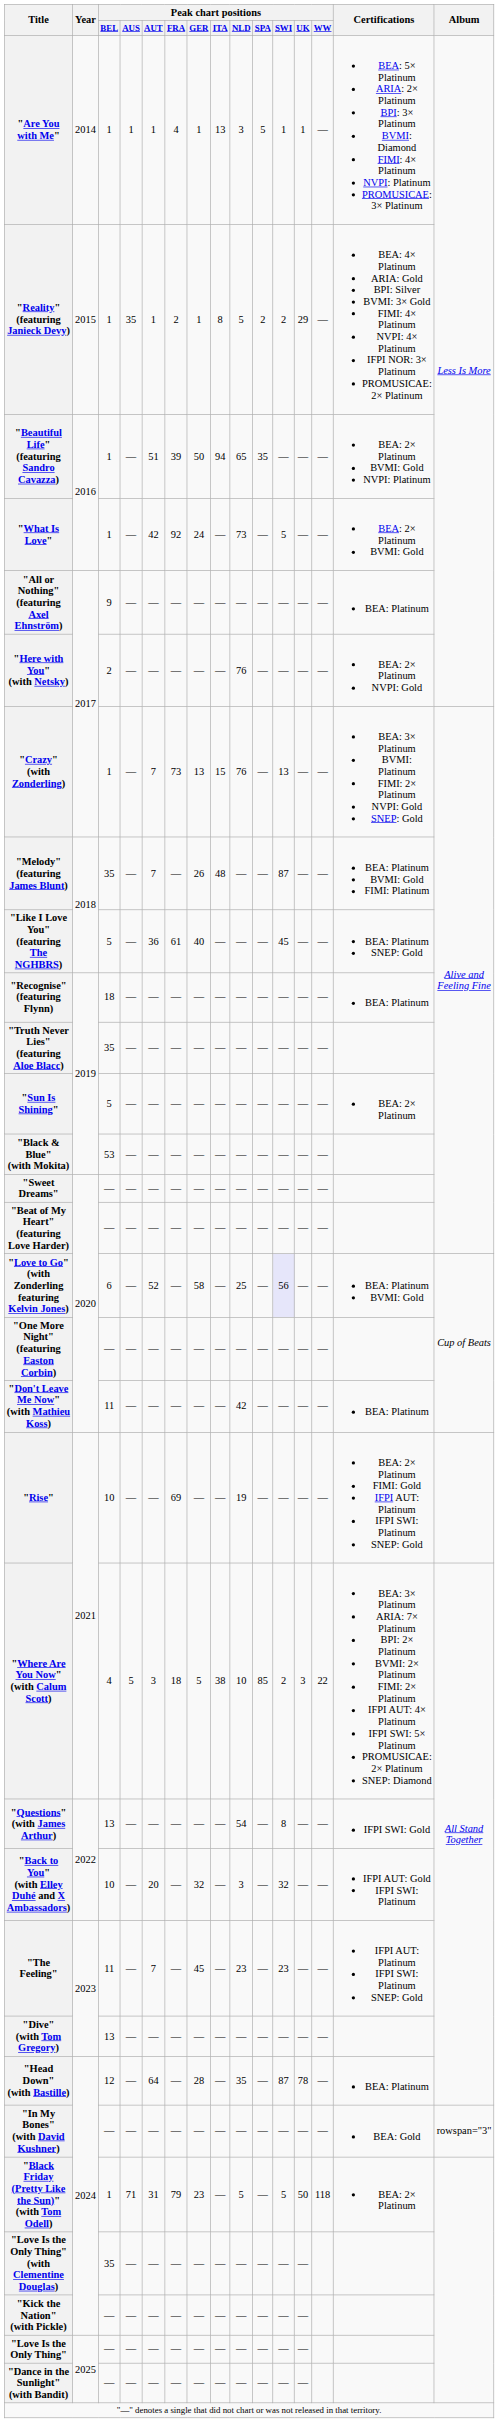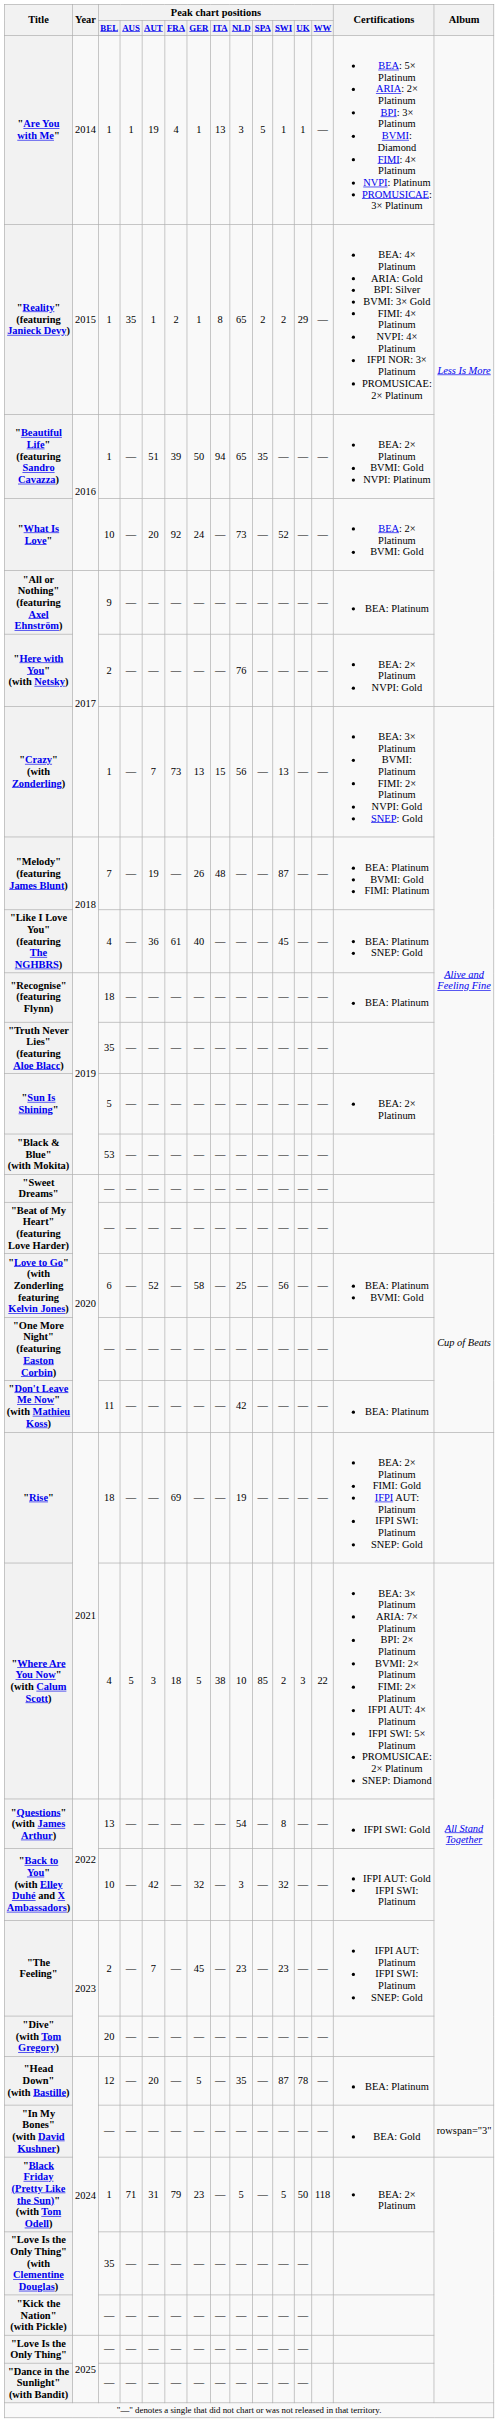 <table class="wikitable plainrowheaders" style="text-align:center;">
 <tr>
 <th scope="col" rowspan="2" style="width:22em;">Title</th>
 <th scope="col" rowspan="2" style="width:2em;">Year</th>
 <th colspan="11" scope="col">Peak chart positions</th>
 <th scope="col" rowspan="2">Certifications</th>
 <th scope="col" rowspan="2">Album</th>
 </tr>
 <tr>
 <th scope="col" style="width:3em;font-size:85%;"><a href='#'>BEL</a><br></th>
 <th scope="col" style="width:3em;font-size:85%;"><a href='#'>AUS</a><br></th>
 <th scope="col" style="width:3em;font-size:85%;"><a href='#'>AUT</a><br></th>
 <th scope="col" style="width:3em;font-size:85%;"><a href='#'>FRA</a><br></th>
 <th scope="col" style="width:3em;font-size:85%;"><a href='#'>GER</a><br></th>
 <th scope="col" style="width:3em;font-size:85%;"><a href='#'>ITA</a><br></th>
 <th scope="col" style="width:3em;font-size:85%;"><a href='#'>NLD</a><br></th>
 <th scope="col" style="width:3em;font-size:85%;"><a href='#'>SPA</a><br></th>
 <th scope="col" style="width:3em;font-size:85%;"><a href='#'>SWI</a><br></th>
 <th scope="col" style="width:3em;font-size:85%;"><a href='#'>UK</a><br></th>
 <th scope="col" style="width:3em;font-size:85%;"><a href='#'>WW</a><br></th>
 </tr>
 <tr>
 <th scope="row">"<a href='#'>Are You with Me</a>"</th>
 <td>2014</td>
 <td>1</td>
 <td>1</td>
-<td>1</td>
+<td>19</td>
 <td>4</td>
 <td>1</td>
 <td>13</td>
 <td>3</td>
 <td>5</td>
 <td>1</td>
 <td>1</td>
 <td>—</td>
 <td><br><ul><li><a href='#'>BEA</a>: 5× Platinum</li><li><a href='#'>ARIA</a>: 2× Platinum</li><li><a href='#'>BPI</a>: 3× Platinum</li><li><a href='#'>BVMI</a>: Diamond</li><li><a href='#'>FIMI</a>: 4× Platinum</li><li><a href='#'>NVPI</a>: Platinum</li><li><a href='#'>PROMUSICAE</a>: 3× Platinum</li></ul></td>
 <td rowspan="6"><em><a href='#'>Less Is More</a></em></td>
 </tr>
 <tr>
 <th scope="row">"<a href='#'>Reality</a>"<br><span>(featuring <a href='#'>Janieck Devy</a>)</span></th>
 <td>2015</td>
 <td>1</td>
 <td>35</td>
 <td>1</td>
 <td>2</td>
 <td>1</td>
 <td>8</td>
-<td>5</td>
+<td>65</td>
 <td>2</td>
 <td>2</td>
 <td>29</td>
 <td>—</td>
 <td><br><ul><li>BEA: 4× Platinum</li><li>ARIA: Gold</li><li>BPI: Silver</li><li>BVMI: 3× Gold</li><li>FIMI: 4× Platinum</li><li>NVPI: 4× Platinum</li><li>IFPI NOR: 3× Platinum</li><li>PROMUSICAE: 2× Platinum</li></ul></td>
 </tr>
 <tr>
 <th scope="row">"<a href='#'>Beautiful Life</a>"<br><span>(featuring <a href='#'>Sandro Cavazza</a>)</span></th>
 <td rowspan="2">2016</td>
 <td>1</td>
 <td>—</td>
 <td>51</td>
 <td>39</td>
 <td>50</td>
 <td>94</td>
 <td>65</td>
 <td>35</td>
 <td>—</td>
 <td>—</td>
 <td>—</td>
 <td><br><ul><li>BEA: 2× Platinum</li><li>BVMI: Gold</li><li>NVPI: Platinum</li></ul></td>
 </tr>
 <tr>
 <th scope="row">"<a href='#'>What Is Love</a>"</th>
-<td>1</td>
+<td>10</td>
 <td>—</td>
-<td>42</td>
+<td>20</td>
 <td>92</td>
 <td>24</td>
 <td>—</td>
 <td>73</td>
 <td>—</td>
-<td>5</td>
+<td>52</td>
 <td>—</td>
 <td>—</td>
 <td><br><ul><li><a href='#'>BEA</a>: 2× Platinum</li><li>BVMI: Gold</li></ul></td>
 </tr>
 <tr>
 <th scope="row">"All or Nothing"<br><span>(featuring <a href='#'>Axel Ehnström</a>)</span></th>
 <td rowspan="3">2017</td>
 <td>9</td>
 <td>—</td>
 <td>—</td>
 <td>—</td>
 <td>—</td>
 <td>—</td>
 <td>—</td>
 <td>—</td>
 <td>—</td>
 <td>—</td>
 <td>—</td>
 <td><br><ul><li>BEA: Platinum</li></ul></td>
 </tr>
 <tr>
 <th scope="row">"<a href='#'>Here with You</a>" <br><span>(with <a href='#'>Netsky</a>)</span></th>
 <td>2</td>
 <td>—</td>
 <td>—</td>
 <td>—</td>
 <td>—</td>
 <td>—</td>
 <td>76</td>
 <td>—</td>
 <td>—</td>
 <td>—</td>
 <td>—</td>
 <td><br><ul><li>BEA: 2× Platinum</li><li>NVPI: Gold</li></ul></td>
 </tr>
 <tr>
 <th scope="row">"<a href='#'>Crazy</a>" <br><span>(with <a href='#'>Zonderling</a>)</span></th>
 <td>1</td>
 <td>—</td>
 <td>7</td>
 <td>73</td>
 <td>13</td>
 <td>15</td>
-<td>76</td>
+<td>56</td>
 <td>—</td>
 <td>13</td>
 <td>—</td>
 <td>—</td>
 <td><br><ul><li>BEA: 3× Platinum</li><li>BVMI: Platinum</li><li>FIMI: 2× Platinum</li><li>NVPI: Gold</li><li><a href='#'>SNEP</a>: Gold</li></ul></td>
 <td rowspan="9"><em><a href='#'>Alive and Feeling Fine</a></em></td>
 </tr>
 <tr>
 <th scope="row">"Melody"<br><span>(featuring <a href='#'>James Blunt</a>)</span></th>
 <td rowspan="2">2018</td>
-<td>35</td>
+<td>7</td>
 <td>—</td>
-<td>7</td>
+<td>19</td>
 <td>—</td>
 <td>26</td>
 <td>48</td>
 <td>—</td>
 <td>—</td>
 <td>87</td>
 <td>—</td>
 <td>—</td>
 <td><br><ul><li>BEA: Platinum</li><li>BVMI: Gold</li><li>FIMI: Platinum</li></ul></td>
 </tr>
 <tr>
 <th scope="row">"Like I Love You"<br><span>(featuring <a href='#'>The NGHBRS</a>)</span></th>
-<td>5</td>
+<td>4</td>
 <td>—</td>
 <td>36</td>
 <td>61</td>
 <td>40</td>
 <td>—</td>
 <td>—</td>
 <td>—</td>
 <td>45</td>
 <td>—</td>
 <td>—</td>
 <td><br><ul><li>BEA: Platinum</li><li>SNEP: Gold</li></ul></td>
 </tr>
 <tr>
 <th scope="row">"Recognise"<br><span>(featuring Flynn)</span></th>
 <td rowspan="4">2019</td>
 <td>18</td>
 <td>—</td>
 <td>—</td>
 <td>—</td>
 <td>—</td>
 <td>—</td>
 <td>—</td>
 <td>—</td>
 <td>—</td>
 <td>—</td>
 <td>—</td>
 <td><br><ul><li>BEA: Platinum</li></ul></td>
 </tr>
 <tr>
 <th scope="row">"Truth Never Lies"<br><span>(featuring <a href='#'>Aloe Blacc</a>)</span></th>
 <td>35</td>
 <td>—</td>
 <td>—</td>
 <td>—</td>
 <td>—</td>
 <td>—</td>
 <td>—</td>
 <td>—</td>
 <td>—</td>
 <td>—</td>
 <td>—</td>
 <td></td>
 </tr>
 <tr>
 <th scope="row">"<a href='#'>Sun Is Shining</a>"</th>
 <td>5</td>
 <td>—</td>
 <td>—</td>
 <td>—</td>
 <td>—</td>
 <td>—</td>
 <td>—</td>
 <td>—</td>
 <td>—</td>
 <td>—</td>
 <td>—</td>
 <td><br><ul><li>BEA: 2× Platinum</li></ul></td>
 </tr>
 <tr>
 <th scope="row">"Black & Blue"<br><span>(with Mokita)</span></th>
 <td>53</td>
 <td>—</td>
 <td>—</td>
 <td>—</td>
 <td>—</td>
 <td>—</td>
 <td>—</td>
 <td>—</td>
 <td>—</td>
 <td>—</td>
 <td>—</td>
 <td></td>
 </tr>
 <tr>
 <th scope="row">"Sweet Dreams"</th>
 <td rowspan="5">2020</td>
 <td>—</td>
 <td>—</td>
 <td>—</td>
 <td>—</td>
 <td>—</td>
 <td>—</td>
 <td>—</td>
 <td>—</td>
 <td>—</td>
 <td>—</td>
 <td>—</td>
 <td></td>
 </tr>
 <tr>
 <th scope="row">"Beat of My Heart"<br><span>(featuring Love Harder)</span></th>
 <td>—</td>
 <td>—</td>
 <td>—</td>
 <td>—</td>
 <td>—</td>
 <td>—</td>
 <td>—</td>
 <td>—</td>
 <td>—</td>
 <td>—</td>
 <td>—</td>
 <td></td>
 </tr>
 <tr>
 <th scope="row">"<a href='#'>Love to Go</a>"<br><span>(with Zonderling featuring <a href='#'>Kelvin Jones</a>)</span></th>
 <td>6</td>
 <td>—</td>
 <td>52</td>
 <td>—</td>
 <td>58</td>
 <td>—</td>
 <td>25</td>
 <td>—</td>
-<td style="background: lavender;">56</td>
+<td>56</td>
 <td>—</td>
 <td>—</td>
 <td><br><ul><li>BEA: Platinum</li><li>BVMI: Gold</li></ul></td>
 <td rowspan="3"><em>Cup of Beats</em></td>
 </tr>
 <tr>
 <th scope="row">"One More Night" <br><span>(featuring <a href='#'>Easton Corbin</a>)</span></th>
 <td>—</td>
 <td>—</td>
 <td>—</td>
 <td>—</td>
 <td>—</td>
 <td>—</td>
 <td>—</td>
 <td>—</td>
 <td>—</td>
 <td>—</td>
 <td>—</td>
 <td></td>
 </tr>
 <tr>
 <th scope="row">"<a href='#'>Don't Leave Me Now</a>" <br><span>(with <a href='#'>Mathieu Koss</a>)</span></th>
 <td>11</td>
 <td>—</td>
 <td>—</td>
 <td>—</td>
 <td>—</td>
 <td>—</td>
 <td>42</td>
 <td>—</td>
 <td>—</td>
 <td>—</td>
 <td>—</td>
 <td><br><ul><li>BEA: Platinum</li></ul></td>
 </tr>
 <tr>
 <th scope="row">"<a href='#'>Rise</a>"</th>
 <td rowspan="2">2021</td>
-<td>10</td>
+<td>18</td>
 <td>—</td>
 <td>—</td>
 <td>69</td>
 <td>—</td>
 <td>—</td>
 <td>19</td>
 <td>—</td>
 <td>—</td>
 <td>—</td>
 <td>—</td>
 <td><br><ul><li>BEA: 2× Platinum</li><li>FIMI: Gold</li><li><a href='#'>IFPI</a> AUT: Platinum</li><li>IFPI SWI: Platinum</li><li>SNEP: Gold</li></ul></td>
 <td></td>
 </tr>
 <tr>
 <th scope="row">"<a href='#'>Where Are You Now</a>"<br><span>(with <a href='#'>Calum Scott</a>)</span></th>
 <td>4</td>
 <td>5</td>
 <td>3</td>
 <td>18</td>
 <td>5</td>
 <td>38</td>
 <td>10</td>
 <td>85</td>
 <td>2</td>
 <td>3</td>
 <td>22</td>
 <td><br><ul><li>BEA: 3× Platinum</li><li>ARIA: 7× Platinum</li><li>BPI: 2× Platinum</li><li>BVMI: 2× Platinum</li><li>FIMI: 2× Platinum</li><li>IFPI AUT: 4× Platinum</li><li>IFPI SWI: 5× Platinum</li><li>PROMUSICAE: 2× Platinum</li><li>SNEP: Diamond</li></ul></td>
 <td rowspan="6"><em><a href='#'>All Stand Together</a></em></td>
 </tr>
 <tr>
 <th scope="row">"<a href='#'>Questions</a>"<br><span>(with <a href='#'>James Arthur</a>)</span></th>
 <td rowspan="2">2022</td>
 <td>13</td>
 <td>—</td>
 <td>—</td>
 <td>—</td>
 <td>—</td>
 <td>—</td>
 <td>54</td>
 <td>—</td>
 <td>8</td>
 <td>—</td>
 <td>—</td>
 <td><br><ul><li>IFPI SWI: Gold</li></ul></td>
 </tr>
 <tr>
 <th scope="row">"<a href='#'>Back to You</a>"<br><span>(with <a href='#'>Elley Duhé</a> and <a href='#'>X Ambassadors</a>)</span></th>
 <td>10</td>
 <td>—</td>
-<td>20</td>
+<td>42</td>
 <td>—</td>
 <td>32</td>
 <td>—</td>
 <td>3</td>
 <td>—</td>
 <td>32</td>
 <td>—</td>
 <td>—</td>
 <td><br><ul><li>IFPI AUT: Gold</li><li>IFPI SWI: Platinum</li></ul></td>
 </tr>
 <tr>
 <th scope="row">"The Feeling"</th>
 <td rowspan="2">2023</td>
-<td>11</td>
+<td>2</td>
 <td>—</td>
 <td>7</td>
 <td>—</td>
 <td>45</td>
 <td>—</td>
 <td>23</td>
 <td>—</td>
 <td>23</td>
 <td>—</td>
 <td>—</td>
 <td><br><ul><li>IFPI AUT: Platinum</li><li>IFPI SWI: Platinum</li><li>SNEP: Gold</li></ul></td>
 </tr>
 <tr>
 <th scope="row">"Dive"<br><span>(with <a href='#'>Tom Gregory</a>)</span></th>
-<td>13</td>
+<td>20</td>
 <td>—</td>
 <td>—</td>
 <td>—</td>
 <td>—</td>
 <td>—</td>
 <td>—</td>
 <td>—</td>
 <td>—</td>
 <td>—</td>
 <td>—</td>
 <td></td>
 </tr>
 <tr>
 <th scope="row">"Head Down"<br><span>(with <a href='#'>Bastille</a>)</span></th>
 <td rowspan="5">2024</td>
 <td>12</td>
 <td>—</td>
-<td>64</td>
+<td>20</td>
 <td>—</td>
-<td>28</td>
+<td>5</td>
 <td>—</td>
 <td>35</td>
 <td>—</td>
 <td>87</td>
 <td>78</td>
 <td>—</td>
 <td><br><ul><li>BEA: Platinum</li></ul></td>
 </tr>
 <tr>
 <th scope="row">"In My Bones"<br><span>(with <a href='#'>David Kushner</a>)</span></th>
 <td>—</td>
 <td>—</td>
 <td>—</td>
 <td>—</td>
 <td>—</td>
 <td>—</td>
 <td>—</td>
 <td>—</td>
 <td>—</td>
 <td>—</td>
 <td>—</td>
 <td><br><ul><li>BEA: Gold</li></ul></td>
 <td>rowspan="3" </td>
 </tr>
 <tr>
 <th scope="row">"<a href='#'>Black Friday (Pretty Like the Sun)</a>"<br><span>(with <a href='#'>Tom Odell</a>)</span></th>
 <td>1</td>
 <td>71</td>
 <td>31</td>
 <td>79<br></td>
 <td>23</td>
 <td>—</td>
 <td>5</td>
 <td>—</td>
 <td>5</td>
 <td>50</td>
 <td>118</td>
 <td><br><ul><li>BEA: 2× Platinum</li></ul></td>
 </tr>
 <tr>
 <th scope="row">"Love Is the Only Thing"<br><span>(with <a href='#'>Clementine Douglas</a>)</span></th>
 <td>35</td>
 <td>—</td>
 <td>—</td>
 <td>—</td>
 <td>—</td>
 <td>—</td>
 <td>—</td>
 <td>—</td>
 <td>—</td>
 <td>—</td>
 <td></td>
 <td></td>
 </tr>
 <tr>
 <th scope="row">"Kick the Nation"<br><span>(with Pickle)</span></th>
 <td>—</td>
 <td>—</td>
 <td>—</td>
 <td>—</td>
 <td>—</td>
 <td>—</td>
 <td>—</td>
 <td>—</td>
 <td>—</td>
 <td>—</td>
 <td></td>
 <td></td>
 </tr>
 <tr>
 <th scope="row">"Love Is the Only Thing"</th>
 <td rowspan="2">2025</td>
 <td>—</td>
 <td>—</td>
 <td>—</td>
 <td>—</td>
 <td>—</td>
 <td>—</td>
 <td>—</td>
 <td>—</td>
 <td>—</td>
 <td>—</td>
 <td></td>
 <td></td>
 </tr>
 <tr>
 <th scope="row">"Dance in the Sunlight"<br><span>(with Bandit)</span></th>
 <td>—</td>
 <td>—</td>
 <td>—</td>
 <td>—</td>
 <td>—</td>
 <td>—</td>
 <td>—</td>
 <td>—</td>
 <td>—</td>
 <td>—</td>
 <td></td>
 <td></td>
 </tr>
 <tr>
 <td colspan="16" style="font-size:85%">"—" denotes a single that did not chart or was not released in that territory.</td>
 </tr>
 </table>
